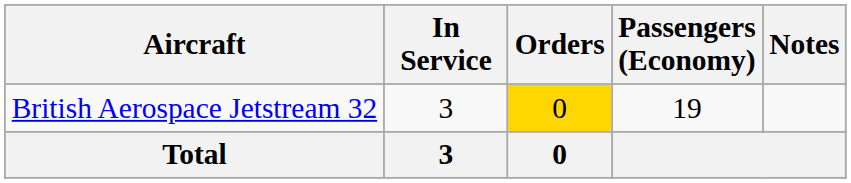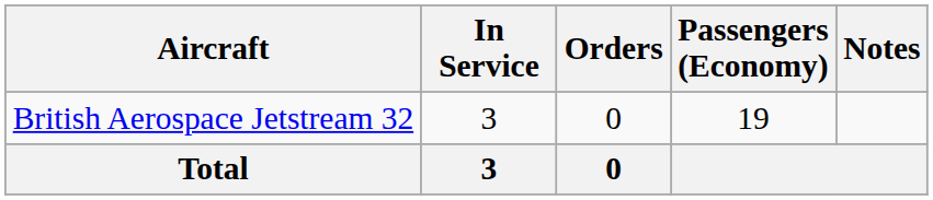 <table class="wikitable" style="border-collapse:collapse;text-align:center">
 <tr>
 <th>Aircraft</th>
 <th style="width:60px;">In Service</th>
 <th>Orders</th>
 <th>Passengers <br>(Economy)</th>
 <th>Notes</th>
 </tr>
 <tr>
 <td><a href='#'>British Aerospace Jetstream 32</a></td>
 <td>3 </td>
-<td style="background: gold;">0</td>
+<td>0</td>
 <td>19</td>
 <td></td>
 </tr>
 <tr>
 <th>Total</th>
 <th>3</th>
 <th>0</th>
 <th colspan=2></th>
 </tr>
 </table>
